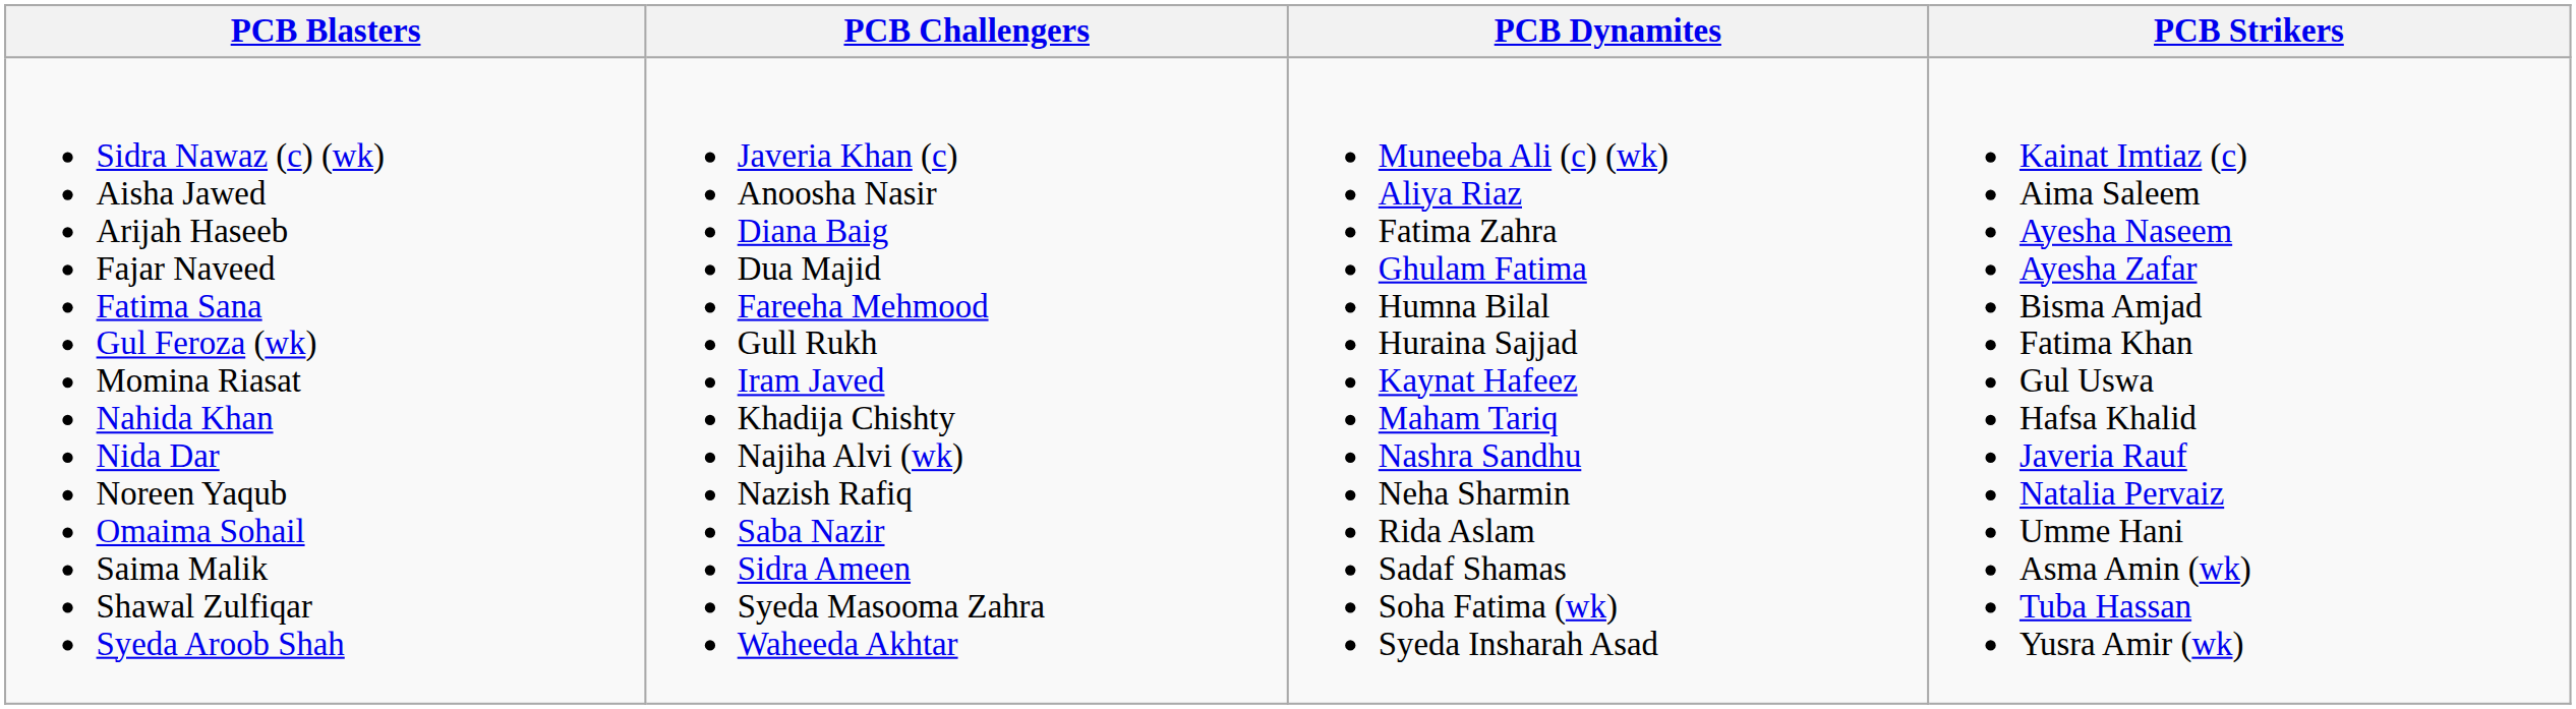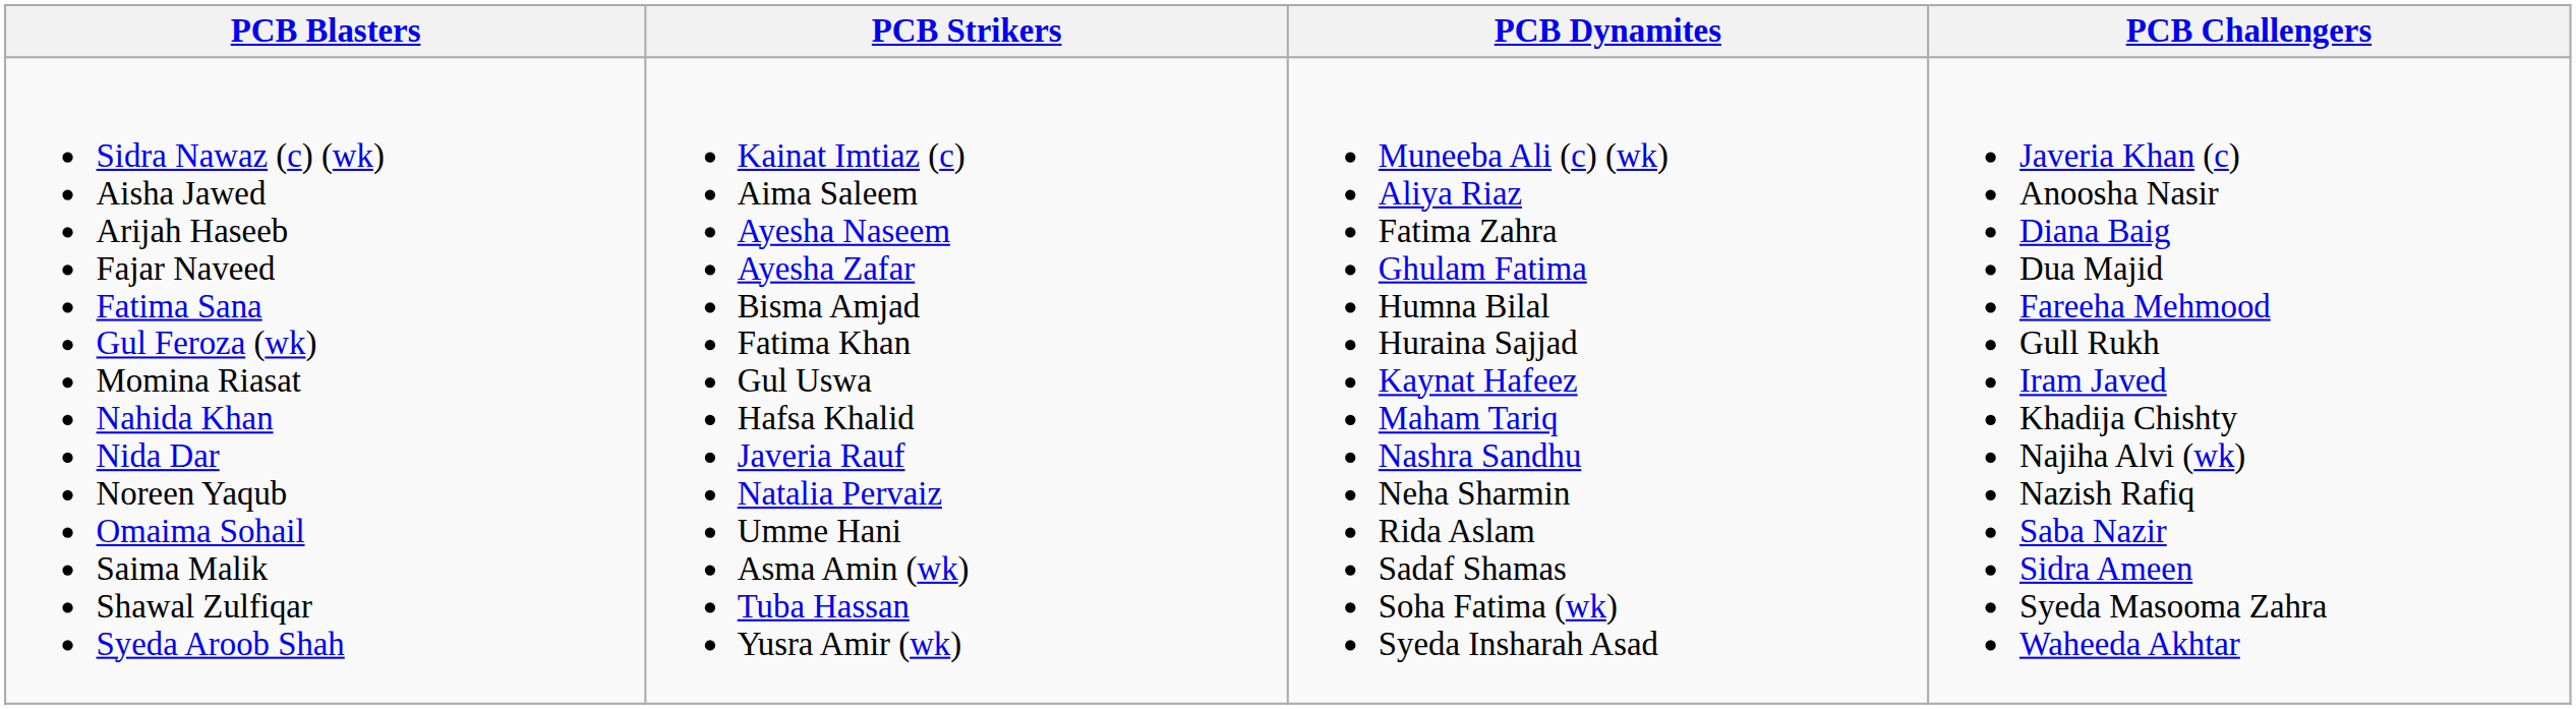 <table class="wikitable">
 <tr>
 <th width=300><a href='#'>PCB Blasters</a><br><small></small></th>
+<th width=300><a href='#'>PCB Strikers</a><br><small></small></th>
+<th width=300><a href='#'>PCB Dynamites</a><br><small></small></th>
 <th width=300><a href='#'>PCB Challengers</a><br><small></small></th>
-<th width=300><a href='#'>PCB Dynamites</a><br><small></small></th>
-<th width=300><a href='#'>PCB Strikers</a><br><small></small></th>
 </tr>
 <tr>
 <td valign=top><br><ul><li><a href='#'>Sidra Nawaz</a> (<a href='#'>c</a>) (<a href='#'>wk</a>)</li><li>Aisha Jawed</li><li>Arijah Haseeb</li><li>Fajar Naveed</li><li><a href='#'>Fatima Sana</a></li><li><a href='#'>Gul Feroza</a> (<a href='#'>wk</a>)</li><li>Momina Riasat</li><li><a href='#'>Nahida Khan</a></li><li><a href='#'>Nida Dar</a></li><li>Noreen Yaqub</li><li><a href='#'>Omaima Sohail</a></li><li>Saima Malik</li><li>Shawal Zulfiqar</li><li><a href='#'>Syeda Aroob Shah</a></li></ul></td>
+<td valign=top><br><ul><li><a href='#'>Kainat Imtiaz</a> (<a href='#'>c</a>)</li><li>Aima Saleem</li><li><a href='#'>Ayesha Naseem</a></li><li><a href='#'>Ayesha Zafar</a></li><li>Bisma Amjad</li><li>Fatima Khan</li><li>Gul Uswa</li><li>Hafsa Khalid</li><li><a href='#'>Javeria Rauf</a></li><li><a href='#'>Natalia Pervaiz</a></li><li>Umme Hani</li><li>Asma Amin (<a href='#'>wk</a>)</li><li><a href='#'>Tuba Hassan</a></li><li>Yusra Amir (<a href='#'>wk</a>)</li></ul></td>
+<td valign=top><br><ul><li><a href='#'>Muneeba Ali</a> (<a href='#'>c</a>) (<a href='#'>wk</a>)</li><li><a href='#'>Aliya Riaz</a></li><li>Fatima Zahra</li><li><a href='#'>Ghulam Fatima</a></li><li>Humna Bilal</li><li>Huraina Sajjad</li><li><a href='#'>Kaynat Hafeez</a></li><li><a href='#'>Maham Tariq</a></li><li><a href='#'>Nashra Sandhu</a></li><li>Neha Sharmin</li><li>Rida Aslam</li><li>Sadaf Shamas</li><li>Soha Fatima (<a href='#'>wk</a>)</li><li>Syeda Insharah Asad</li></ul></td>
 <td valign=top><br><ul><li><a href='#'>Javeria Khan</a> (<a href='#'>c</a>)</li><li>Anoosha Nasir</li><li><a href='#'>Diana Baig</a></li><li>Dua Majid</li><li><a href='#'>Fareeha Mehmood</a></li><li>Gull Rukh</li><li><a href='#'>Iram Javed</a></li><li>Khadija Chishty</li><li>Najiha Alvi (<a href='#'>wk</a>)</li><li>Nazish Rafiq</li><li><a href='#'>Saba Nazir</a></li><li><a href='#'>Sidra Ameen</a></li><li>Syeda Masooma Zahra</li><li><a href='#'>Waheeda Akhtar</a></li></ul></td>
-<td valign=top><br><ul><li><a href='#'>Muneeba Ali</a> (<a href='#'>c</a>) (<a href='#'>wk</a>)</li><li><a href='#'>Aliya Riaz</a></li><li>Fatima Zahra</li><li><a href='#'>Ghulam Fatima</a></li><li>Humna Bilal</li><li>Huraina Sajjad</li><li><a href='#'>Kaynat Hafeez</a></li><li><a href='#'>Maham Tariq</a></li><li><a href='#'>Nashra Sandhu</a></li><li>Neha Sharmin</li><li>Rida Aslam</li><li>Sadaf Shamas</li><li>Soha Fatima (<a href='#'>wk</a>)</li><li>Syeda Insharah Asad</li></ul></td>
-<td valign=top><br><ul><li><a href='#'>Kainat Imtiaz</a> (<a href='#'>c</a>)</li><li>Aima Saleem</li><li><a href='#'>Ayesha Naseem</a></li><li><a href='#'>Ayesha Zafar</a></li><li>Bisma Amjad</li><li>Fatima Khan</li><li>Gul Uswa</li><li>Hafsa Khalid</li><li><a href='#'>Javeria Rauf</a></li><li><a href='#'>Natalia Pervaiz</a></li><li>Umme Hani</li><li>Asma Amin (<a href='#'>wk</a>)</li><li><a href='#'>Tuba Hassan</a></li><li>Yusra Amir (<a href='#'>wk</a>)</li></ul></td>
 </tr>
 </table>
